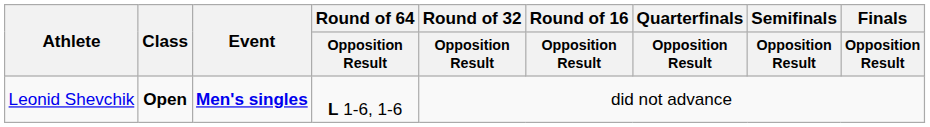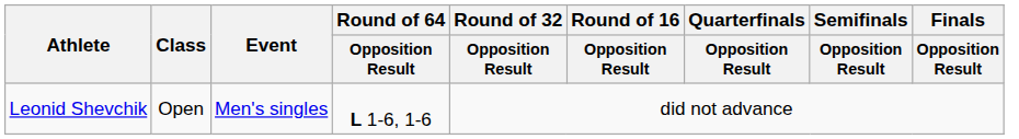 <table class=wikitable style="font-size:90%">
 <tr>
 <th rowspan="2">Athlete</th>
 <th rowspan="2">Class</th>
 <th rowspan="2">Event</th>
 <th>Round of 64</th>
 <th>Round of 32</th>
 <th>Round of 16</th>
 <th>Quarterfinals</th>
 <th>Semifinals</th>
 <th>Finals</th>
 </tr>
 <tr>
 <th style="line-height:1em"><small>Opposition<br>Result</small></th>
 <th style="line-height:1em"><small>Opposition<br>Result</small></th>
 <th style="line-height:1em"><small>Opposition<br>Result</small></th>
 <th style="line-height:1em"><small>Opposition<br>Result</small></th>
 <th style="line-height:1em"><small>Opposition<br>Result</small></th>
 <th style="line-height:1em"><small>Opposition<br>Result</small></th>
 </tr>
 <tr>
 <td><a href='#'>Leonid Shevchik</a></td>
-<td style="text-align:center;"><strong>Open</strong></td>
-<td><strong><a href='#'>Men's singles</a></strong></td>
+<td style="text-align:center;">Open</td>
+<td><a href='#'>Men's singles</a></td>
 <td style="text-align:center;"><br><strong>L</strong> 1-6, 1-6</td>
 <td style="text-align:center;" colspan="5">did not advance</td>
 </tr>
 </table>
